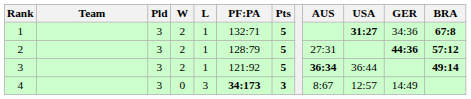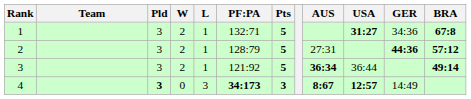 <table class="wikitable" style="text-align:center">
 <tr>
 <th width=25>Rank</th>
 <th width=150>Team</th>
 <th width=25>Pld</th>
 <th width=25>W</th>
 <th width=25>L</th>
 <th width=70>PF:PA</th>
 <th width=25>Pts</th>
 <th rowspan="5"> </th>
 <th width=50>AUS</th>
 <th width=50>USA</th>
 <th width=50>GER</th>
 <th width=50>BRA</th>
 </tr>
 <tr style="background:#ccffcc;">
 <td>1</td>
 <td style="text-align:left"></td>
 <td>3</td>
 <td>2</td>
 <td>1</td>
 <td>132:71</td>
 <td><strong>5</strong></td>
 <td></td>
 <td><strong>31:27</strong></td>
 <td>34:36</td>
 <td><strong>67:8</strong></td>
 </tr>
 <tr style="background:#ccffcc;">
 <td>2</td>
 <td style="text-align:left"></td>
 <td>3</td>
 <td>2</td>
 <td>1</td>
 <td>128:79</td>
 <td><strong>5</strong></td>
 <td>27:31</td>
 <td></td>
 <td><strong>44:36</strong></td>
 <td><strong>57:12</strong></td>
 </tr>
 <tr style="background:#ccffcc;">
 <td>3</td>
 <td style="text-align:left"></td>
 <td>3</td>
 <td>2</td>
 <td>1</td>
 <td>121:92</td>
 <td><strong>5</strong></td>
 <td><strong>36:34</strong></td>
 <td>36:44</td>
 <td></td>
 <td><strong>49:14</strong></td>
 </tr>
 <tr style="background:#ccffcc;">
 <td>4</td>
 <td style="text-align:left"></td>
-<td>3</td>
+<td><strong>3</strong></td>
 <td>0</td>
 <td>3</td>
 <td><strong>34:173</strong></td>
 <td><strong>3</strong></td>
-<td>8:67</td>
-<td>12:57</td>
+<td><strong>8:67</strong></td>
+<td><strong>12:57</strong></td>
 <td>14:49</td>
 <td></td>
 </tr>
 </table>
